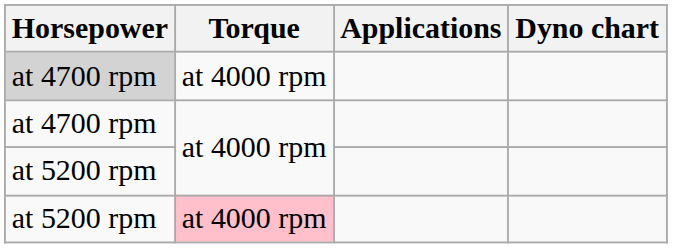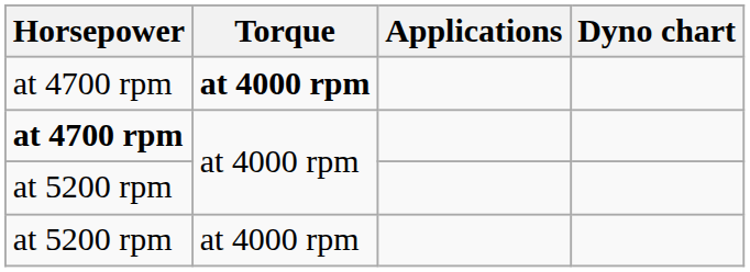 <table class=wikitable>
 <tr>
 <th>Horsepower</th>
 <th>Torque</th>
 <th>Applications</th>
 <th>Dyno chart</th>
 </tr>
 <tr>
-<td style="background: lightgrey;"> at 4700 rpm</td>
-<td> at 4000 rpm</td>
+<td> at 4700 rpm</td>
+<td><strong> at 4000 rpm</strong></td>
 <td></td>
 <td> </td>
 </tr>
 <tr>
-<td> at 4700 rpm</td>
+<td><strong> at 4700 rpm</strong></td>
 <td rowspan=2> at 4000 rpm</td>
 <td></td>
 <td> </td>
 </tr>
 <tr>
 <td> at 5200 rpm</td>
 <td></td>
 <td></td>
 </tr>
 <tr>
 <td> at 5200 rpm</td>
-<td style="background: pink;"> at 4000 rpm</td>
+<td> at 4000 rpm</td>
 <td></td>
 </tr>
 </table>
